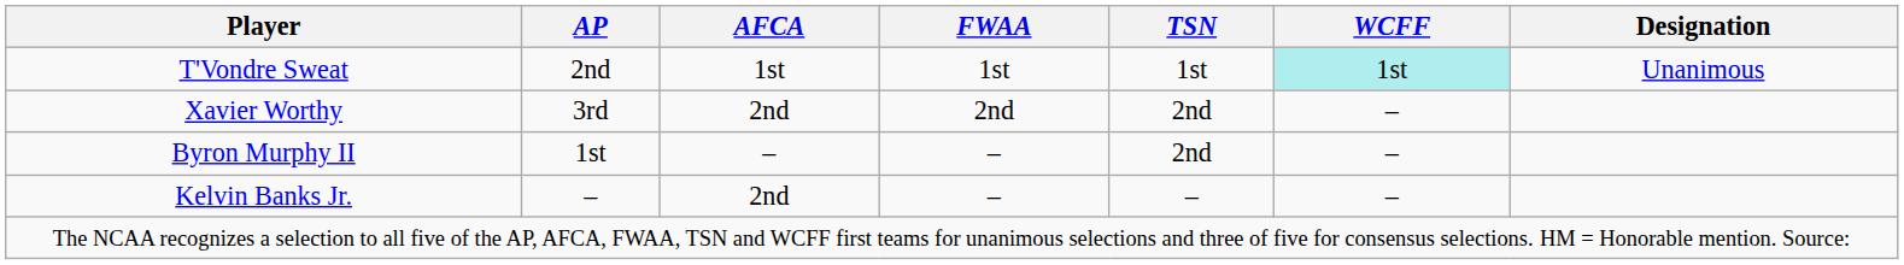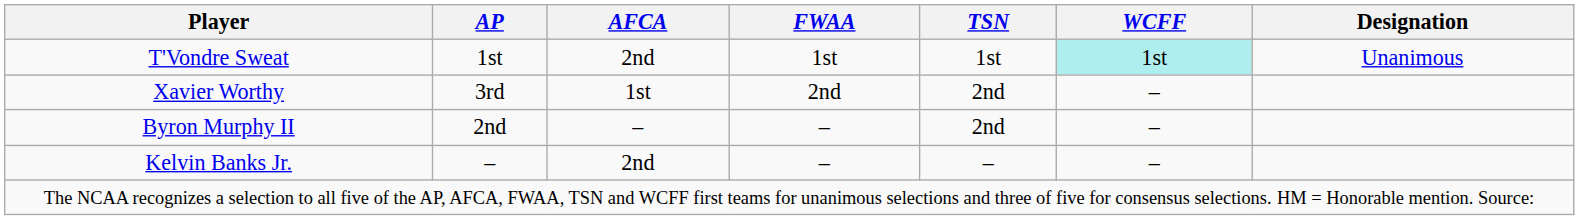 <table class="wikitable" style="width: 90%;text-align: center;">
 <tr>
 <th>Player</th>
 <th><a href='#'><span><em>AP</em></span></a></th>
 <th><a href='#'><span><em>AFCA</em></span></a></th>
 <th><a href='#'><span><em>FWAA</em></span></a></th>
 <th><a href='#'><span><em>TSN</em></span></a></th>
 <th><a href='#'><span><em>WCFF</em></span></a></th>
 <th>Designation</th>
 </tr>
 <tr align="center">
 <td><a href='#'>T'Vondre Sweat</a></td>
+<td>1st</td>
 <td>2nd</td>
-<td>1st</td>
 <td>1st</td>
 <td>1st</td>
 <td style="background: paleturquoise;">1st</td>
 <td><a href='#'>Unanimous</a></td>
 </tr>
 <tr align="center">
 <td><a href='#'>Xavier Worthy</a></td>
 <td>3rd</td>
-<td>2nd</td>
+<td>1st</td>
 <td>2nd</td>
 <td>2nd</td>
 <td>–</td>
 <td></td>
 </tr>
 <tr align="center">
 <td><a href='#'>Byron Murphy II</a></td>
-<td>1st</td>
+<td>2nd</td>
 <td>–</td>
 <td>–</td>
 <td>2nd</td>
 <td>–</td>
 <td></td>
 </tr>
 <tr align="center">
 <td><a href='#'>Kelvin Banks Jr.</a></td>
 <td>–</td>
 <td>2nd</td>
 <td>–</td>
 <td>–</td>
 <td>–</td>
 <td></td>
 </tr>
 <tr align="center">
 <td colspan=7><small>The NCAA recognizes a selection to all five of the AP, AFCA, FWAA, TSN and WCFF first teams for unanimous selections and three of five for consensus selections.</small> <small>HM = Honorable mention. Source: </small></td>
 </tr>
 </table>
